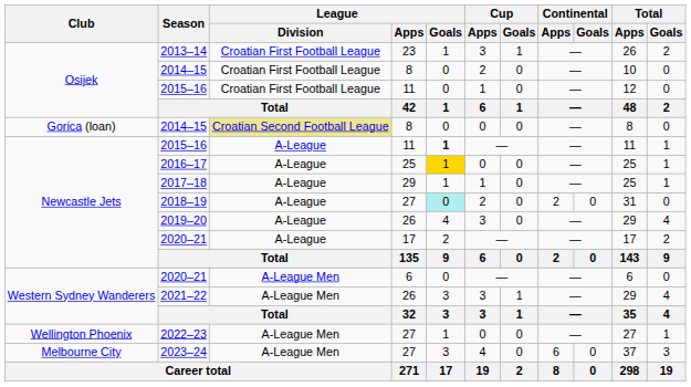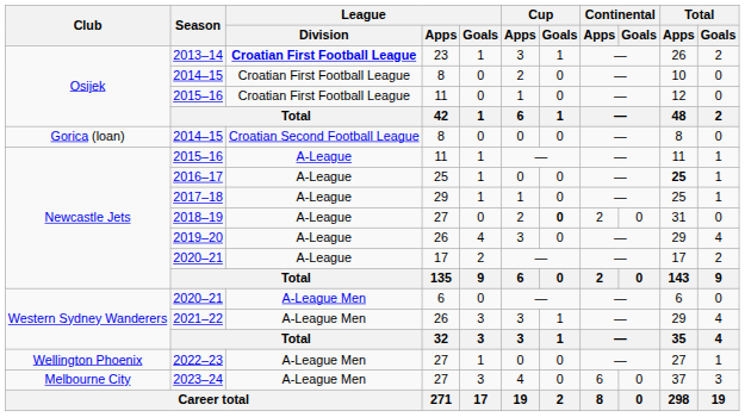 <table class="wikitable" style="text-align: center">
 <tr>
 <th rowspan="2">Club</th>
 <th rowspan="2">Season</th>
 <th colspan="3">League</th>
 <th colspan="2">Cup</th>
 <th colspan="2">Continental</th>
 <th colspan="2">Total</th>
 </tr>
 <tr>
 <th>Division</th>
 <th>Apps</th>
 <th>Goals</th>
 <th>Apps</th>
 <th>Goals</th>
 <th>Apps</th>
 <th>Goals</th>
 <th>Apps</th>
 <th>Goals</th>
 </tr>
 <tr>
 <td rowspan="4"><a href='#'>Osijek</a></td>
 <td><a href='#'>2013–14</a></td>
-<td><a href='#'>Croatian First Football League</a></td>
+<td><strong><a href='#'>Croatian First Football League</a></strong></td>
 <td>23</td>
 <td>1</td>
 <td>3</td>
 <td>1</td>
 <td colspan="2">—</td>
 <td>26</td>
 <td>2</td>
 </tr>
 <tr>
 <td><a href='#'>2014–15</a></td>
 <td>Croatian First Football League</td>
 <td>8</td>
 <td>0</td>
 <td>2</td>
 <td>0</td>
 <td colspan="2">—</td>
 <td>10</td>
 <td>0</td>
 </tr>
 <tr>
 <td><a href='#'>2015–16</a></td>
 <td>Croatian First Football League</td>
 <td>11</td>
 <td>0</td>
 <td>1</td>
 <td>0</td>
 <td colspan="2">—</td>
 <td>12</td>
 <td>0</td>
 </tr>
 <tr>
 <th colspan="2">Total</th>
 <th>42</th>
 <th>1</th>
 <th>6</th>
 <th>1</th>
 <th colspan="2">—</th>
 <th>48</th>
 <th>2</th>
 </tr>
 <tr>
 <td><a href='#'>Gorica</a> (loan)</td>
 <td><a href='#'>2014–15</a></td>
-<td style="background: khaki;"><a href='#'>Croatian Second Football League</a></td>
+<td><a href='#'>Croatian Second Football League</a></td>
 <td>8</td>
 <td>0</td>
 <td>0</td>
 <td>0</td>
 <td colspan="2">—</td>
 <td>8</td>
 <td>0</td>
 </tr>
 <tr>
 <td rowspan="7"><a href='#'>Newcastle Jets</a></td>
 <td><a href='#'>2015–16</a></td>
 <td><a href='#'>A-League</a></td>
 <td>11</td>
-<td><strong>1</strong></td>
+<td>1</td>
 <td colspan="2">—</td>
 <td colspan="2">—</td>
 <td>11</td>
 <td>1</td>
 </tr>
 <tr>
 <td><a href='#'>2016–17</a></td>
 <td>A-League</td>
 <td>25</td>
-<td style="background: gold;">1</td>
+<td>1</td>
 <td>0</td>
 <td>0</td>
 <td colspan="2">—</td>
-<td>25</td>
+<td><strong>25</strong></td>
 <td>1</td>
 </tr>
 <tr>
 <td><a href='#'>2017–18</a></td>
 <td>A-League</td>
 <td>29</td>
 <td>1</td>
 <td>1</td>
 <td>0</td>
 <td colspan="2">—</td>
 <td>25</td>
 <td>1</td>
 </tr>
 <tr>
 <td><a href='#'>2018–19</a></td>
 <td>A-League</td>
 <td>27</td>
-<td style="background: paleturquoise;">0</td>
+<td>0</td>
 <td>2</td>
-<td>0</td>
+<td><strong>0</strong></td>
 <td>2</td>
 <td>0</td>
 <td>31</td>
 <td>0</td>
 </tr>
 <tr>
 <td><a href='#'>2019–20</a></td>
 <td>A-League</td>
 <td>26</td>
 <td>4</td>
 <td>3</td>
 <td>0</td>
 <td colspan="2">—</td>
 <td>29</td>
 <td>4</td>
 </tr>
 <tr>
 <td><a href='#'>2020–21</a></td>
 <td>A-League</td>
 <td>17</td>
 <td>2</td>
 <td colspan="2">—</td>
 <td colspan="2">—</td>
 <td>17</td>
 <td>2</td>
 </tr>
 <tr>
 <th colspan="2">Total</th>
 <th>135</th>
 <th>9</th>
 <th>6</th>
 <th>0</th>
 <th>2</th>
 <th>0</th>
 <th>143</th>
 <th>9</th>
 </tr>
 <tr>
 <td rowspan="3"><a href='#'>Western Sydney Wanderers</a></td>
 <td><a href='#'>2020–21</a></td>
 <td><a href='#'>A-League Men</a></td>
 <td>6</td>
 <td>0</td>
 <td colspan="2">—</td>
 <td colspan="2">—</td>
 <td>6</td>
 <td>0</td>
 </tr>
 <tr>
 <td><a href='#'>2021–22</a></td>
 <td>A-League Men</td>
 <td>26</td>
 <td>3</td>
 <td>3</td>
 <td>1</td>
 <td colspan="2">—</td>
 <td>29</td>
 <td>4</td>
 </tr>
 <tr>
 <th colspan="2">Total</th>
 <th>32</th>
 <th>3</th>
 <th>3</th>
 <th>1</th>
 <th colspan="2">—</th>
 <th>35</th>
 <th>4</th>
 </tr>
 <tr>
 <td><a href='#'>Wellington Phoenix</a></td>
 <td><a href='#'>2022–23</a></td>
 <td>A-League Men</td>
 <td>27</td>
 <td>1</td>
 <td>0</td>
 <td>0</td>
 <td colspan="2">—</td>
 <td>27</td>
 <td>1</td>
 </tr>
 <tr>
 <td><a href='#'>Melbourne City</a></td>
 <td><a href='#'>2023–24</a></td>
 <td>A-League Men</td>
 <td>27</td>
 <td>3</td>
 <td>4</td>
 <td>0</td>
 <td>6</td>
 <td>0</td>
 <td>37</td>
 <td>3</td>
 </tr>
 <tr>
 <th colspan="3">Career total</th>
 <th>271</th>
 <th>17</th>
 <th>19</th>
 <th>2</th>
 <th>8</th>
 <th>0</th>
 <th>298</th>
 <th>19</th>
 </tr>
 </table>
